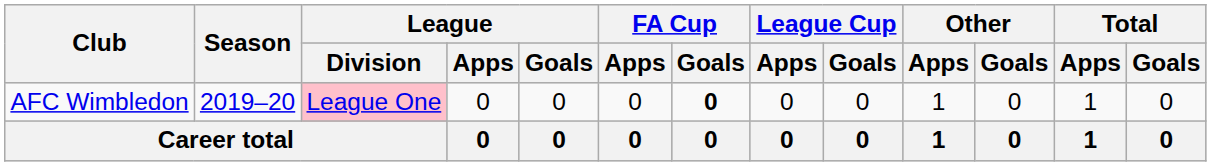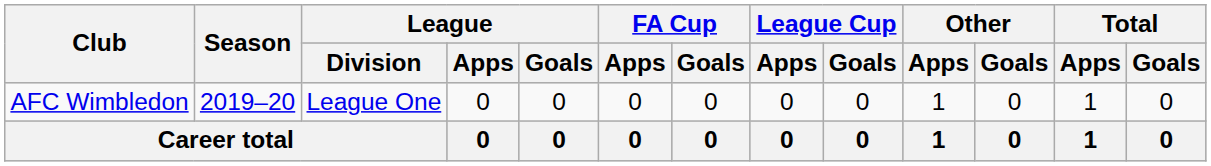 <table class="wikitable" style="text-align: center">
 <tr>
 <th rowspan="2">Club</th>
 <th rowspan="2">Season</th>
 <th colspan="3">League</th>
 <th colspan="2"><a href='#'>FA Cup</a></th>
 <th colspan="2"><a href='#'>League Cup</a></th>
 <th colspan="2">Other</th>
 <th colspan="2">Total</th>
 </tr>
 <tr>
 <th>Division</th>
 <th>Apps</th>
 <th>Goals</th>
 <th>Apps</th>
 <th>Goals</th>
 <th>Apps</th>
 <th>Goals</th>
 <th>Apps</th>
 <th>Goals</th>
 <th>Apps</th>
 <th>Goals</th>
 </tr>
 <tr>
 <td><a href='#'>AFC Wimbledon</a></td>
 <td><a href='#'>2019–20</a></td>
-<td style="background: pink;"><a href='#'>League One</a></td>
+<td><a href='#'>League One</a></td>
 <td>0</td>
 <td>0</td>
 <td>0</td>
-<td><strong>0</strong></td>
+<td>0</td>
 <td>0</td>
 <td>0</td>
 <td>1</td>
 <td>0</td>
 <td>1</td>
 <td>0</td>
 </tr>
 <tr>
 <th colspan="3">Career total</th>
 <th>0</th>
 <th>0</th>
 <th>0</th>
 <th>0</th>
 <th>0</th>
 <th>0</th>
 <th>1</th>
 <th>0</th>
 <th>1</th>
 <th>0</th>
 </tr>
 </table>
